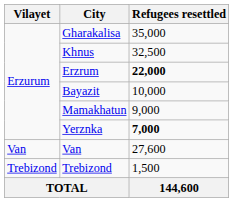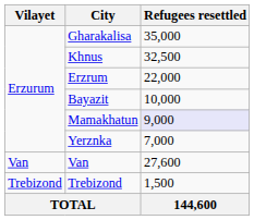 <table class="wikitable">
 <tr>
 <th>Vilayet</th>
 <th>City</th>
 <th>Refugees resettled</th>
 </tr>
 <tr>
 <td rowspan="6"><a href='#'>Erzurum</a></td>
 <td><a href='#'>Gharakalisa</a></td>
 <td>35,000</td>
 </tr>
 <tr>
 <td><a href='#'>Khnus</a></td>
 <td>32,500</td>
 </tr>
 <tr>
 <td><a href='#'>Erzrum</a></td>
-<td><strong>22,000</strong></td>
+<td>22,000</td>
 </tr>
 <tr>
 <td><a href='#'>Bayazit</a></td>
 <td>10,000</td>
 </tr>
 <tr>
 <td><a href='#'>Mamakhatun</a></td>
-<td>9,000</td>
+<td style="background: lavender;">9,000</td>
 </tr>
 <tr>
 <td><a href='#'>Yerznka</a></td>
-<td><strong>7,000</strong></td>
+<td>7,000</td>
 </tr>
 <tr>
 <td><a href='#'>Van</a></td>
 <td><a href='#'>Van</a></td>
 <td>27,600</td>
 </tr>
 <tr>
 <td><a href='#'>Trebizond</a></td>
 <td><a href='#'>Trebizond</a></td>
 <td>1,500</td>
 </tr>
 <tr>
 <th colspan="2">TOTAL</th>
 <th>144,600</th>
 </tr>
 </table>
